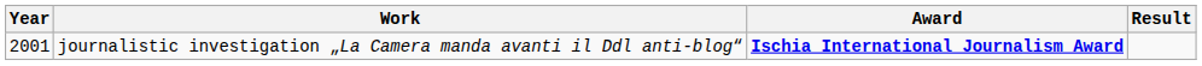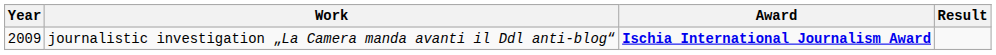 <table class="wikitable" style="text-align:center">
 <tr>
 <th>Year</th>
 <th>Work</th>
 <th>Award</th>
 <th>Result</th>
 </tr>
 <tr>
-<td>2001</td>
+<td>2009</td>
 <td>journalistic investigation „<em>La Camera manda avanti il Ddl anti-blog</em>“</td>
 <td><strong><a href='#'>Ischia International Journalism Award</a></strong></td>
 <td></td>
 </tr>
 </table>
